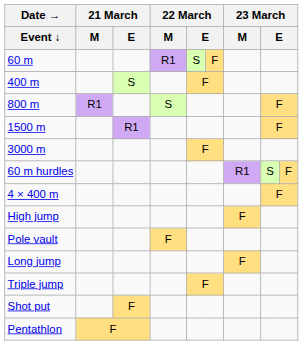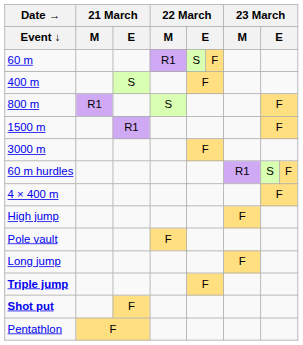 <table class="wikitable mw-datatable" style="margin:0.5em auto; font-size:90%; line-height:1.5em;">
 <tr align=center>
 <th>Date →</th>
 <th width=80px colspan=4>21 March</th>
 <th width=80px colspan=4>22 March</th>
 <th width=80px colspan=4>23 March</th>
 </tr>
 <tr>
 <th>Event ↓</th>
 <th width=40px colspan=2>M</th>
 <th width=40px colspan=2>E</th>
 <th width=40px colspan=2>M</th>
 <th width=40px colspan=2>E</th>
 <th width=40px colspan=2>M</th>
 <th width=40px colspan=2>E</th>
 </tr>
 <tr align=center>
 <td align=left><a href='#'>60 m</a></td>
 <td colspan=2></td>
 <td colspan=2></td>
 <td bgcolor="#D0A9F5" colspan=2>R1</td>
 <td bgcolor="#D9FFB2">S</td>
 <td bgcolor="#FFDF80">F</td>
 <td colspan=2></td>
 <td colspan=2></td>
 </tr>
 <tr align=center>
 <td align=left><a href='#'>400 m</a></td>
 <td colspan=2></td>
 <td bgcolor="#D9FFB2" colspan=2>S</td>
 <td colspan=2></td>
 <td bgcolor="#FFDF80" colspan=2>F</td>
 <td colspan=2></td>
 <td colspan=2></td>
 </tr>
 <tr align=center>
 <td align=left><a href='#'>800 m</a></td>
 <td bgcolor="#D0A9F5" colspan=2>R1</td>
 <td colspan=2></td>
 <td bgcolor="#D9FFB2" colspan=2>S</td>
 <td colspan=2></td>
 <td colspan=2></td>
 <td bgcolor="#FFDF80" colspan=2>F</td>
 </tr>
 <tr align=center>
 <td align=left><a href='#'>1500 m</a></td>
 <td colspan=2></td>
 <td bgcolor="#D0A9F5" colspan=2>R1</td>
 <td colspan=2></td>
 <td colspan=2></td>
 <td colspan=2></td>
 <td bgcolor="#FFDF80" colspan=2>F</td>
 </tr>
 <tr align=center>
 <td align=left><a href='#'>3000 m</a></td>
 <td colspan=2></td>
 <td colspan=2></td>
 <td colspan=2></td>
 <td bgcolor="#FFDF80" colspan=2>F</td>
 <td colspan=2></td>
 <td colspan=2></td>
 </tr>
 <tr align=center>
 <td align=left><a href='#'>60 m hurdles</a></td>
 <td colspan=2></td>
 <td colspan=2></td>
 <td colspan=2></td>
 <td colspan=2></td>
 <td bgcolor="#D0A9F5" colspan=2>R1</td>
 <td bgcolor="#D9FFB2">S</td>
 <td bgcolor="#FFDF80">F</td>
 </tr>
 <tr align=center>
 <td align=left><a href='#'>4 × 400 m</a></td>
 <td colspan=2></td>
 <td colspan=2></td>
 <td colspan=2></td>
 <td colspan=2></td>
 <td colspan=2></td>
 <td bgcolor="#FFDF80" colspan=2>F</td>
 </tr>
 <tr align=center>
 <td align=left><a href='#'>High jump</a></td>
 <td colspan=2></td>
 <td colspan=2></td>
 <td colspan=2></td>
 <td colspan=2></td>
 <td bgcolor="#FFDF80" colspan=2>F</td>
 <td colspan=2></td>
 </tr>
 <tr align=center>
 <td align=left><a href='#'>Pole vault</a></td>
 <td colspan=2></td>
 <td colspan=2></td>
 <td bgcolor="#FFDF80" colspan=2>F</td>
 <td colspan=2></td>
 <td colspan=2></td>
 <td colspan=2></td>
 </tr>
 <tr align=center>
 <td align=left><a href='#'>Long jump</a></td>
 <td colspan=2></td>
 <td colspan=2></td>
 <td colspan=2></td>
 <td colspan=2></td>
 <td bgcolor="#FFDF80" colspan=2>F</td>
 <td colspan=2></td>
 </tr>
 <tr align=center>
-<td align=left><a href='#'>Triple jump</a></td>
+<td align=left><strong><a href='#'>Triple jump</a></strong></td>
 <td colspan=2></td>
 <td colspan=2></td>
 <td colspan=2></td>
 <td bgcolor="#FFDF80" colspan=2>F</td>
 <td colspan=2></td>
 <td colspan=2></td>
 </tr>
 <tr align=center>
-<td align=left><a href='#'>Shot put</a></td>
+<td align=left><strong><a href='#'>Shot put</a></strong></td>
 <td colspan=2></td>
 <td bgcolor="#FFDF80" colspan=2>F</td>
 <td colspan=2></td>
 <td colspan=2></td>
 <td colspan=2></td>
 <td colspan=2></td>
 </tr>
 <tr align=center>
 <td align=left><a href='#'>Pentathlon</a></td>
 <td bgcolor="#FFDF80" colspan=4>F</td>
 <td colspan=2></td>
 <td colspan=2></td>
 <td colspan=2></td>
 <td colspan=2></td>
 </tr>
 </table>
